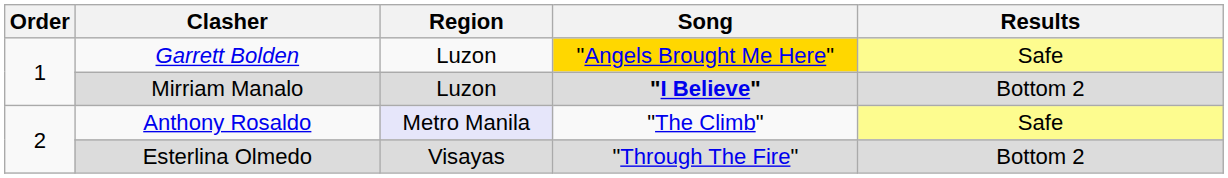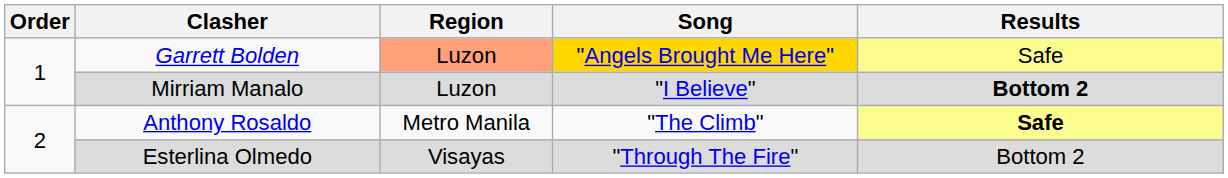 <table class="wikitable" style="text-align:center; line-height:17px; width:100%;">
 <tr>
 <th width="5%">Order</th>
 <th width="25%">Clasher</th>
 <th>Region</th>
 <th width="25%">Song</th>
 <th width="30%">Results</th>
 </tr>
 <tr>
 <td rowspan="2">1</td>
 <td><em><a href='#'>Garrett Bolden</a></em></td>
-<td>Luzon</td>
+<td style="background: lightsalmon;">Luzon</td>
 <td style="background: gold;">"<a href='#'>Angels Brought Me Here</a>"</td>
 <td style="background:#fdfc8f;">Safe</td>
 </tr>
 <tr>
 <td style="background:#DCDCDC;">Mirriam Manalo</td>
 <td style="background:#DCDCDC;">Luzon</td>
-<td style="background:#DCDCDC;"><strong>"<a href='#'>I Believe</a>"</strong></td>
-<td style="background:#DCDCDC;">Bottom 2</td>
+<td style="background:#DCDCDC;">"<a href='#'>I Believe</a>"</td>
+<td style="background:#DCDCDC;"><strong>Bottom 2</strong></td>
 </tr>
 <tr>
 <td rowspan="2">2</td>
 <td><a href='#'>Anthony Rosaldo</a></td>
-<td style="background: lavender;">Metro Manila</td>
+<td>Metro Manila</td>
 <td>"<a href='#'>The Climb</a>"</td>
-<td style="background:#fdfc8f;">Safe</td>
+<td style="background:#fdfc8f;"><strong>Safe</strong></td>
 </tr>
 <tr>
 <td style="background:#DCDCDC;">Esterlina Olmedo</td>
 <td style="background:#DCDCDC;">Visayas</td>
 <td style="background:#DCDCDC;">"<a href='#'>Through The Fire</a>"</td>
 <td style="background:#DCDCDC;">Bottom 2</td>
 </tr>
 </table>
